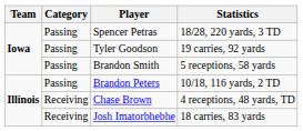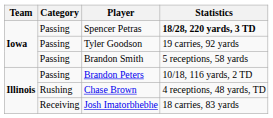 <table class="wikitable" style="float: left;">
 <tr>
 <th>Team</th>
 <th>Category</th>
 <th>Player</th>
 <th>Statistics</th>
 </tr>
 <tr>
 <td rowspan=3><strong>Iowa</strong></td>
 <td>Passing</td>
 <td>Spencer Petras</td>
-<td>18/28, 220 yards, 3 TD</td>
+<td><strong>18/28, 220 yards, 3 TD</strong></td>
 </tr>
 <tr>
 <td>Passing</td>
 <td>Tyler Goodson</td>
 <td>19 carries, 92 yards</td>
 </tr>
 <tr>
 <td>Passing</td>
 <td>Brandon Smith</td>
 <td>5 receptions, 58 yards</td>
 </tr>
 <tr>
 <td rowspan=3><strong>Illinois</strong></td>
 <td>Passing</td>
 <td><a href='#'>Brandon Peters</a></td>
 <td>10/18, 116 yards, 2 TD</td>
 </tr>
 <tr>
-<td>Receiving</td>
+<td>Rushing</td>
 <td><a href='#'>Chase Brown</a></td>
 <td>4 receptions, 48 yards, TD</td>
 </tr>
 <tr>
 <td>Receiving</td>
 <td><a href='#'>Josh Imatorbhebhe</a></td>
 <td>18 carries, 83 yards</td>
 </tr>
 </table>
